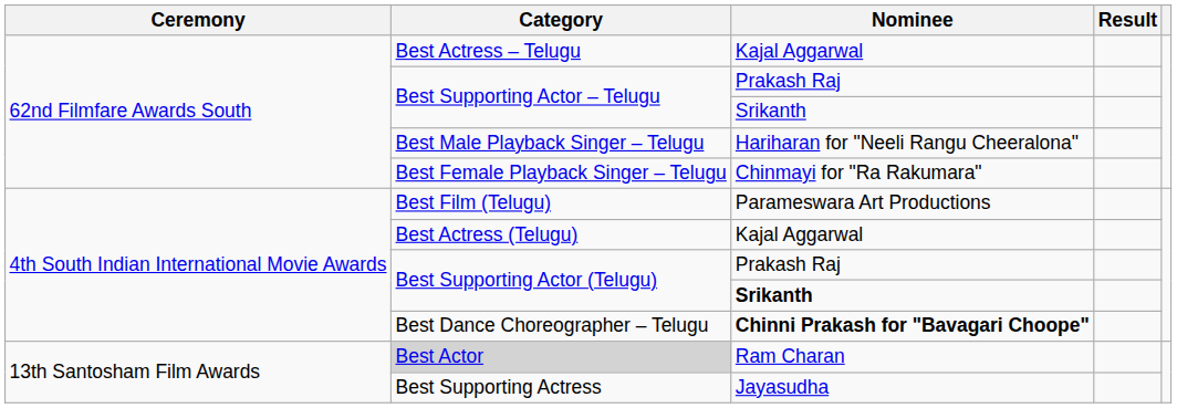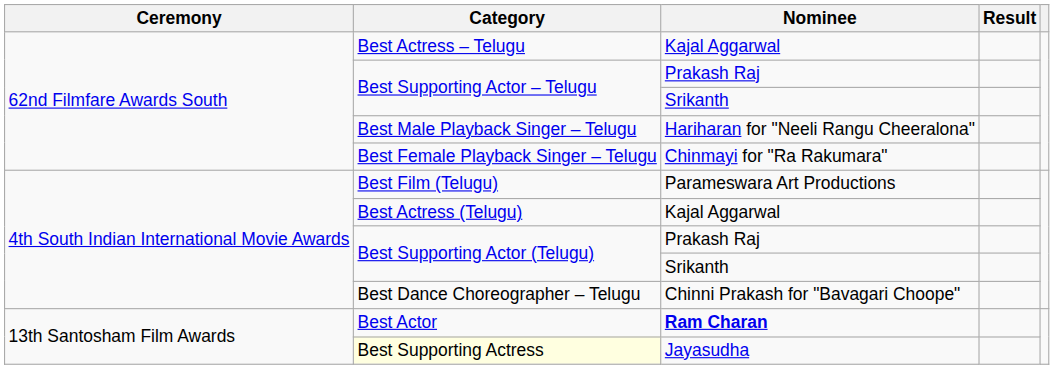 <table class="wikitable">
 <tr>
 <th>Ceremony</th>
 <th>Category</th>
 <th>Nominee</th>
 <th>Result</th>
 <th></th>
 </tr>
 <tr>
 <td rowspan="5"><a href='#'>62nd Filmfare Awards South</a></td>
 <td><a href='#'>Best Actress – Telugu</a></td>
 <td><a href='#'>Kajal Aggarwal</a></td>
 <td></td>
 <td rowspan="5"></td>
 </tr>
 <tr>
 <td rowspan="2"><a href='#'>Best Supporting Actor – Telugu</a></td>
 <td><a href='#'>Prakash Raj</a></td>
 <td></td>
 </tr>
 <tr>
 <td><a href='#'>Srikanth</a></td>
 <td></td>
 </tr>
 <tr>
 <td><a href='#'>Best Male Playback Singer – Telugu</a></td>
 <td><a href='#'>Hariharan</a> for "Neeli Rangu Cheeralona"</td>
 <td></td>
 </tr>
 <tr>
 <td><a href='#'>Best Female Playback Singer – Telugu</a></td>
 <td><a href='#'>Chinmayi</a> for "Ra Rakumara"</td>
 <td></td>
 </tr>
 <tr>
 <td rowspan="5"><a href='#'>4th South Indian International Movie Awards</a></td>
 <td><a href='#'>Best Film (Telugu)</a></td>
 <td>Parameswara Art Productions</td>
 <td></td>
 <td rowspan="5"></td>
 </tr>
 <tr>
 <td><a href='#'>Best Actress (Telugu)</a></td>
 <td>Kajal Aggarwal</td>
 <td></td>
 </tr>
 <tr>
 <td rowspan="2"><a href='#'>Best Supporting Actor (Telugu)</a></td>
 <td>Prakash Raj</td>
 <td></td>
 </tr>
 <tr>
-<td><strong>Srikanth</strong></td>
+<td>Srikanth</td>
 <td></td>
 </tr>
 <tr>
 <td>Best Dance Choreographer – Telugu</td>
-<td><strong>Chinni Prakash for "Bavagari Choope"</strong></td>
+<td>Chinni Prakash for "Bavagari Choope"</td>
 <td></td>
 </tr>
 <tr>
 <td rowspan="2">13th Santosham Film Awards</td>
-<td style="background: lightgrey;"><a href='#'>Best Actor</a></td>
-<td><a href='#'>Ram Charan</a></td>
+<td><a href='#'>Best Actor</a></td>
+<td><strong><a href='#'>Ram Charan</a></strong></td>
 <td></td>
 <td rowspan="2"></td>
 </tr>
 <tr>
-<td>Best Supporting Actress</td>
+<td style="background: lightyellow;">Best Supporting Actress</td>
 <td><a href='#'>Jayasudha</a></td>
 <td></td>
 </tr>
 </table>
